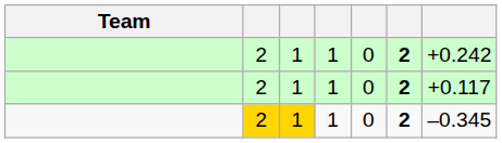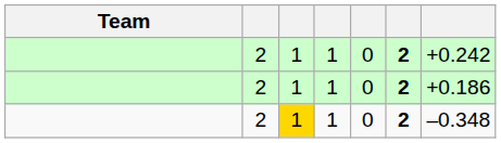 <table class="wikitable" style="text-align:center;">
 <tr>
 <th width=175>Team</th>
 <th style="width:20px;"></th>
 <th style="width:20px;"></th>
 <th style="width:20px;"></th>
 <th style="width:20px;"></th>
 <th style="width:20px;"></th>
 <th style="width:20px;"></th>
 </tr>
 <tr style="background:#cfc">
 <td align=left></td>
 <td>2</td>
 <td>1</td>
 <td>1</td>
 <td>0</td>
 <td><strong>2</strong></td>
 <td>+0.242</td>
 </tr>
 <tr style="background:#cfc">
 <td align=left></td>
 <td>2</td>
 <td>1</td>
 <td>1</td>
 <td>0</td>
 <td><strong>2</strong></td>
-<td>+0.117</td>
+<td>+0.186</td>
 </tr>
 <tr>
 <td align=left></td>
-<td style="background: gold;">2</td>
+<td>2</td>
 <td style="background: gold;">1</td>
 <td>1</td>
 <td>0</td>
 <td><strong>2</strong></td>
-<td>–0.345</td>
+<td>–0.348</td>
 </tr>
 </table>
